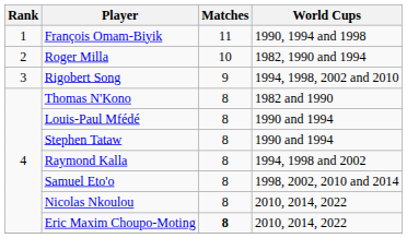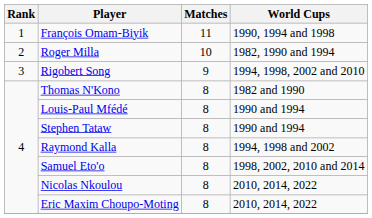 <table class="wikitable" style="text-align: left;">
 <tr>
 <th>Rank</th>
 <th>Player</th>
 <th>Matches</th>
 <th>World Cups</th>
 </tr>
 <tr>
 <td align=center>1</td>
 <td><a href='#'>François Omam-Biyik</a></td>
 <td align=center>11</td>
 <td>1990, 1994 and 1998</td>
 </tr>
 <tr>
 <td align=center>2</td>
 <td><a href='#'>Roger Milla</a></td>
 <td align=center>10</td>
 <td>1982, 1990 and 1994</td>
 </tr>
 <tr>
 <td align=center>3</td>
 <td><a href='#'>Rigobert Song</a></td>
 <td align=center>9</td>
 <td>1994, 1998, 2002 and 2010</td>
 </tr>
 <tr>
 <td rowspan=7 align=center>4</td>
 <td><a href='#'>Thomas N'Kono</a></td>
 <td align=center>8</td>
 <td>1982 and 1990</td>
 </tr>
 <tr>
 <td><a href='#'>Louis-Paul Mfédé</a></td>
 <td align=center>8</td>
 <td>1990 and 1994</td>
 </tr>
 <tr>
 <td><a href='#'>Stephen Tataw</a></td>
 <td align=center>8</td>
 <td>1990 and 1994</td>
 </tr>
 <tr>
 <td><a href='#'>Raymond Kalla</a></td>
 <td align=center>8</td>
 <td>1994, 1998 and 2002</td>
 </tr>
 <tr>
 <td><a href='#'>Samuel Eto'o</a></td>
 <td align=center>8</td>
 <td>1998, 2002, 2010 and 2014</td>
 </tr>
 <tr>
 <td><a href='#'>Nicolas Nkoulou</a></td>
 <td align=center>8</td>
 <td>2010, 2014, 2022</td>
 </tr>
 <tr>
 <td><a href='#'>Eric Maxim Choupo-Moting</a></td>
-<td align=center><strong>8</strong></td>
+<td align=center>8</td>
 <td>2010, 2014, 2022</td>
 </tr>
 <tr>
 </tr>
 </table>
